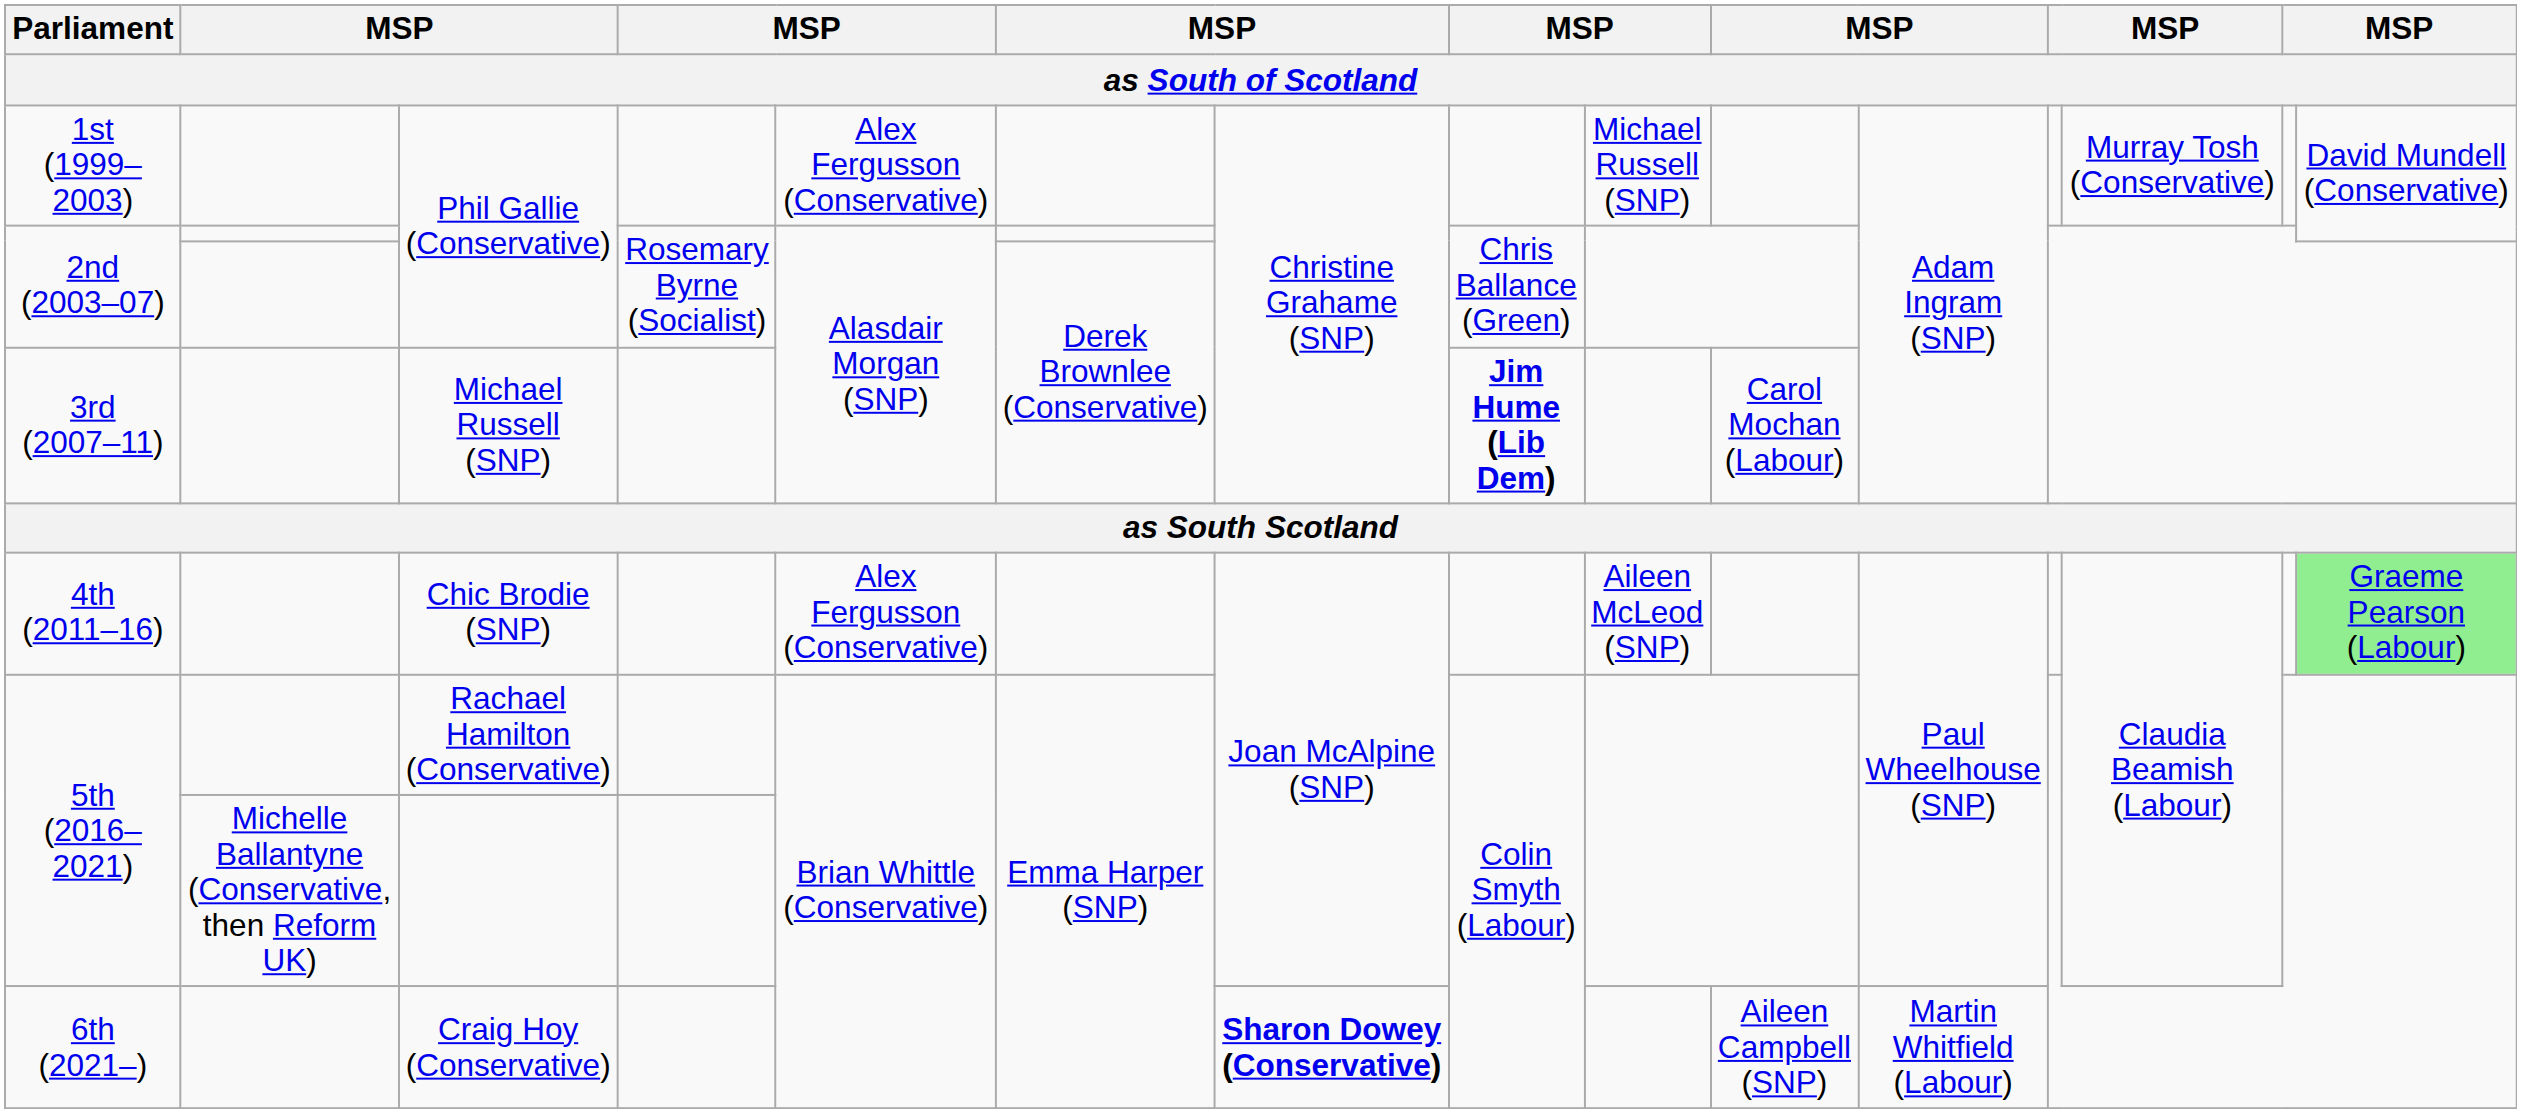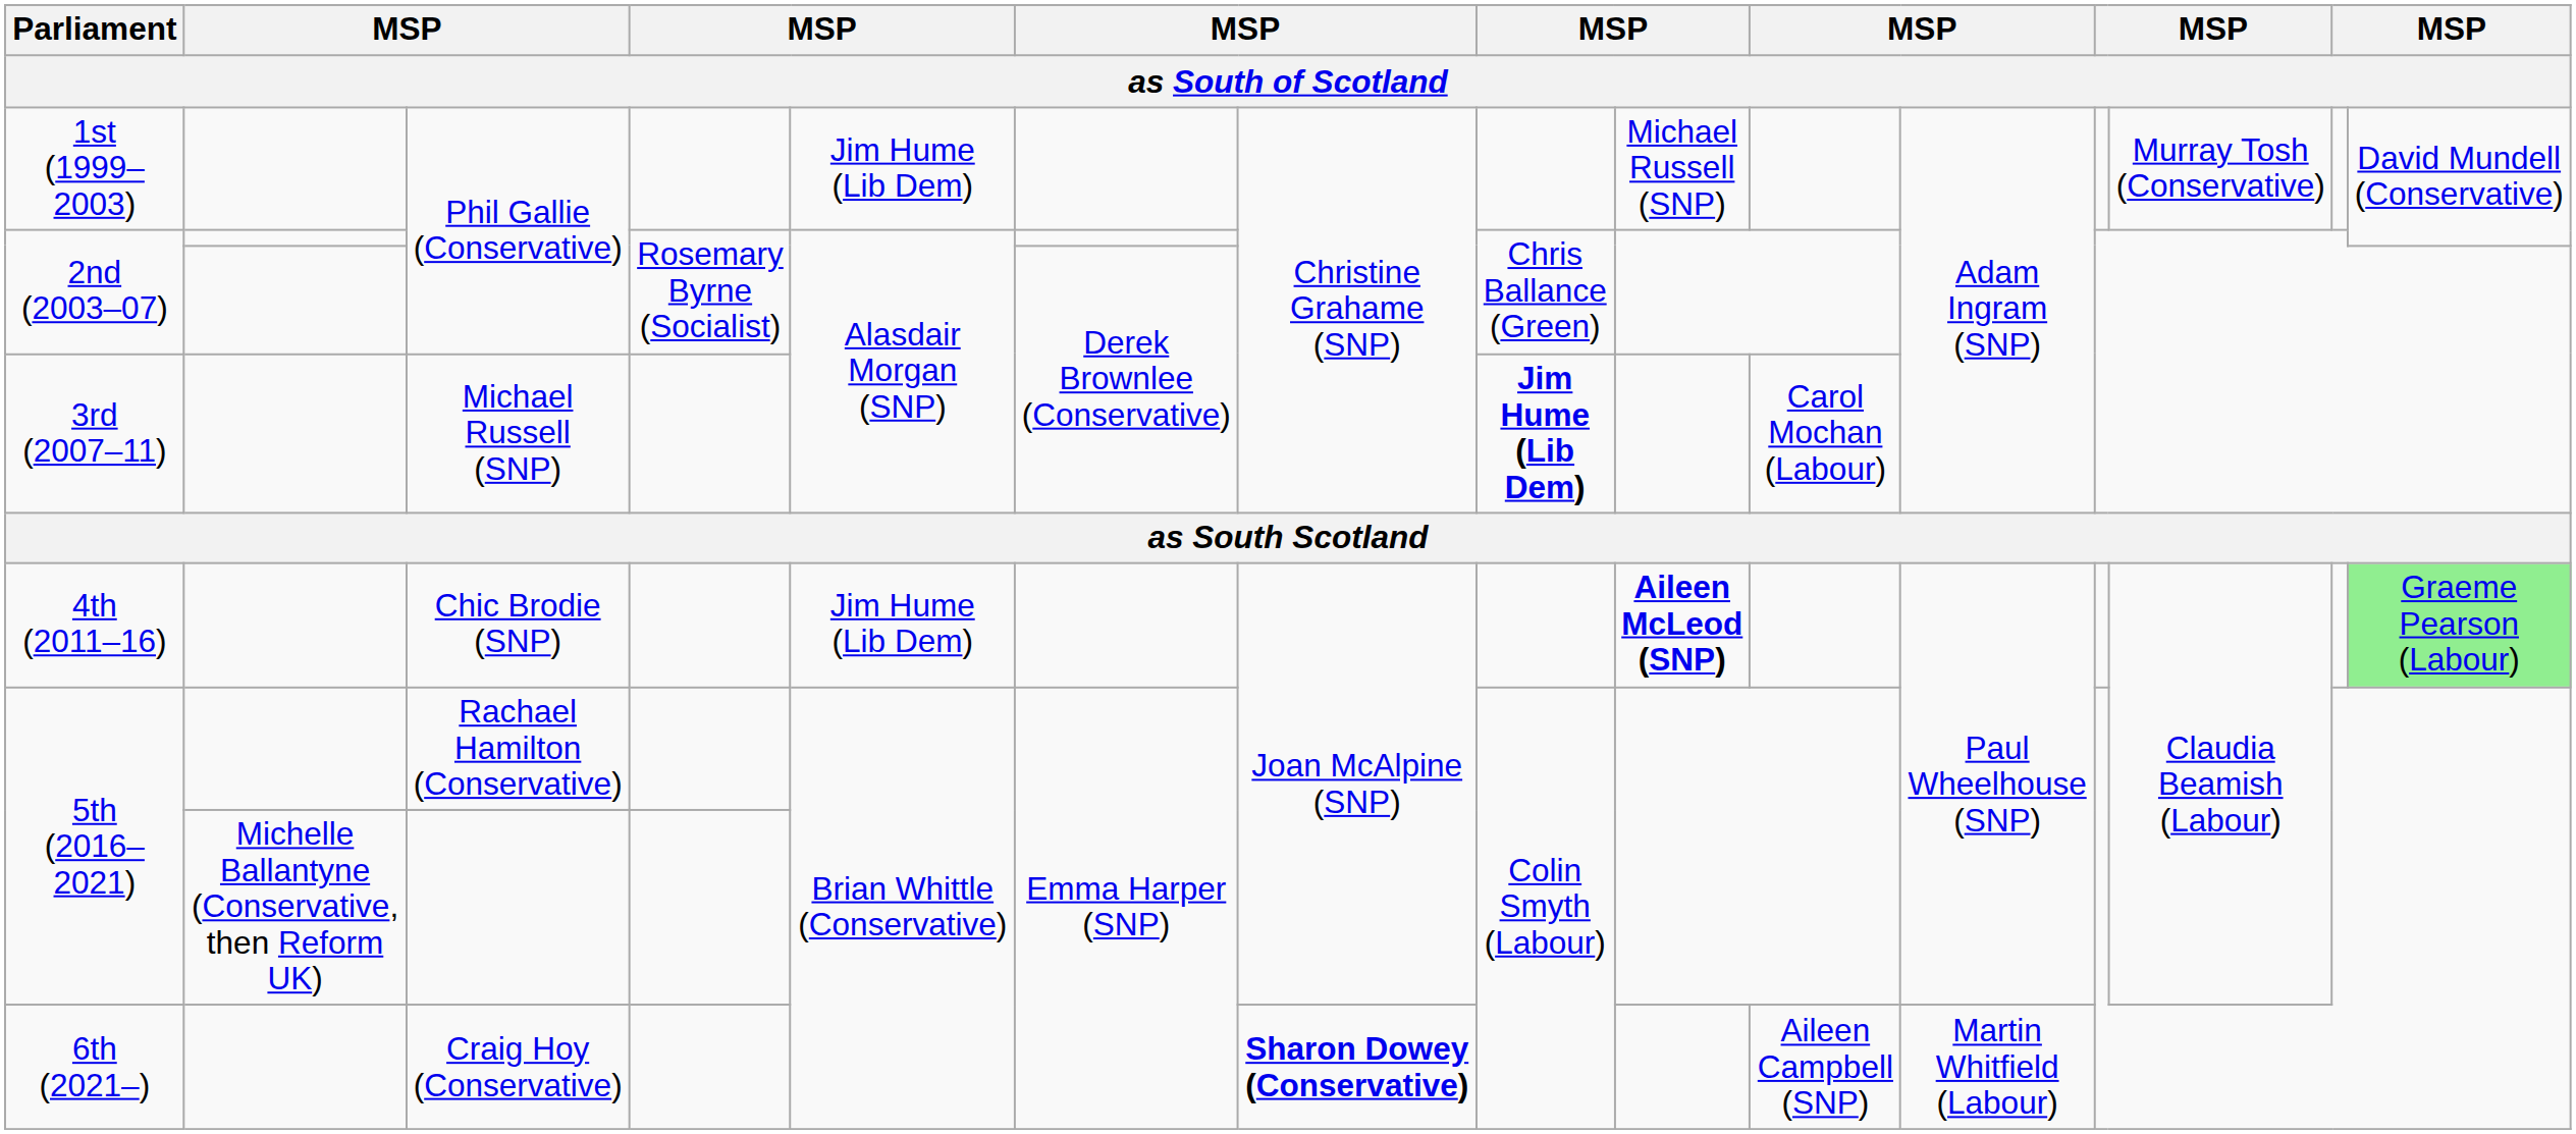 <table class="wikitable" style="text-align:center">
 <tr>
 <th>Parliament</th>
 <th colspan="2">MSP</th>
 <th colspan="2">MSP</th>
 <th colspan="2">MSP</th>
 <th colspan="2">MSP</th>
 <th colspan="2">MSP</th>
 <th colspan="2">MSP</th>
 <th colspan="2">MSP</th>
 </tr>
 <tr>
 <th colspan="15"><em>as <a href='#'>South of Scotland</a></em></th>
 </tr>
 <tr>
 <td><a href='#'>1st</a> <br>(<a href='#'>1999–2003</a>)</td>
 <td></td>
 <td rowspan="3"><a href='#'>Phil Gallie</a><br>(<a href='#'>Conservative</a>)</td>
 <td style="color:inherit;background:"></td>
-<td><a href='#'>Alex Fergusson</a><br>(<a href='#'>Conservative</a>)</td>
+<td><a href='#'>Jim Hume</a><br>(<a href='#'>Lib Dem</a>)</td>
 <td></td>
 <td rowspan="4"><a href='#'>Christine Grahame</a> <br>(<a href='#'>SNP</a>)</td>
 <td></td>
 <td><a href='#'>Michael Russell</a><br>(<a href='#'>SNP</a>)</td>
 <td></td>
 <td rowspan="4"><a href='#'>Adam Ingram</a><br>(<a href='#'>SNP</a>)</td>
 <td style="color:inherit;background:"></td>
 <td><a href='#'>Murray Tosh</a><br>(<a href='#'>Conservative</a>)</td>
 <td></td>
 <td rowspan="2"><a href='#'>David Mundell</a><br>(<a href='#'>Conservative</a>)</td>
 </tr>
 <tr>
 <td rowspan="2"><a href='#'>2nd</a> <br>(<a href='#'>2003–07</a>)</td>
 <td style="color:inherit;background:"></td>
 <td rowspan="2"><a href='#'>Rosemary Byrne</a><br>(<a href='#'>Socialist</a>)</td>
 <td rowspan="3"><a href='#'>Alasdair Morgan</a> <br>(<a href='#'>SNP</a>)</td>
 <td></td>
 <td rowspan="2"><a href='#'>Chris Ballance</a><br>(<a href='#'>Green</a>)</td>
 </tr>
 <tr>
 <td></td>
 <td rowspan="2"><a href='#'>Derek Brownlee</a><br>(<a href='#'>Conservative</a>)</td>
 </tr>
 <tr>
 <td><a href='#'>3rd</a> <br>(<a href='#'>2007–11</a>)</td>
 <td style="color:inherit;background:"></td>
 <td><a href='#'>Michael Russell</a><br>(<a href='#'>SNP</a>)</td>
 <td style="color:inherit;background:"></td>
 <td><strong><a href='#'>Jim Hume</a><br>(<a href='#'>Lib Dem</a>)</strong></td>
 <td style="color:inherit;background:"></td>
 <td><a href='#'>Carol Mochan</a><br>(<a href='#'>Labour</a>)</td>
 </tr>
 <tr>
 <th colspan="15"><em>as South Scotland</em></th>
 </tr>
 <tr>
 <td><a href='#'>4th</a> <br>(<a href='#'>2011–16</a>)</td>
 <td style="color:inherit;background:"></td>
 <td><a href='#'>Chic Brodie</a><br>(<a href='#'>SNP</a>)</td>
 <td style="color:inherit;background:"></td>
-<td><a href='#'>Alex Fergusson</a><br>(<a href='#'>Conservative</a>)</td>
+<td><a href='#'>Jim Hume</a><br>(<a href='#'>Lib Dem</a>)</td>
 <td></td>
 <td rowspan="4"><a href='#'>Joan McAlpine</a><br>(<a href='#'>SNP</a>)</td>
 <td></td>
-<td><a href='#'>Aileen McLeod</a><br>(<a href='#'>SNP</a>)</td>
+<td><strong><a href='#'>Aileen McLeod</a><br>(<a href='#'>SNP</a>)</strong></td>
 <td></td>
 <td rowspan="4"><a href='#'>Paul Wheelhouse</a><br>(<a href='#'>SNP</a>)</td>
 <td></td>
 <td rowspan="4"><a href='#'>Claudia Beamish</a><br>(<a href='#'>Labour</a>)</td>
 <td></td>
 <td style="background: lightgreen;"><a href='#'>Graeme Pearson</a><br>(<a href='#'>Labour</a>)</td>
 </tr>
 <tr>
 <td rowspan="3"><a href='#'>5th</a> <br>(<a href='#'>2016–2021</a>)</td>
 <td></td>
 <td><a href='#'>Rachael Hamilton</a><br>(<a href='#'>Conservative</a>)</td>
 <td></td>
 <td rowspan="4"><a href='#'>Brian Whittle</a><br>(<a href='#'>Conservative</a>)</td>
 <td rowspan="4"><a href='#'>Emma Harper</a><br>(<a href='#'>SNP</a>)</td>
 <td rowspan="4"><a href='#'>Colin Smyth</a><br>(<a href='#'>Labour</a>)</td>
 </tr>
 <tr>
 <td rowspan="2"><a href='#'>Michelle Ballantyne</a><br>(<a href='#'>Conservative</a>,<br>then <a href='#'>Reform UK</a>)</td>
 </tr>
 <tr>
 <td style="color:inherit;background:"></td>
 </tr>
 <tr>
 <td><a href='#'>6th</a> <br>(<a href='#'>2021–</a>)</td>
 <td style="color:inherit;background:"></td>
 <td><a href='#'>Craig Hoy</a><br>(<a href='#'>Conservative</a>)</td>
 <td style="color:inherit;background:"></td>
 <td><strong><a href='#'>Sharon Dowey</a><br>(<a href='#'>Conservative</a>)</strong></td>
 <td style="color:inherit;background:"></td>
 <td><a href='#'>Aileen Campbell</a><br>(<a href='#'>SNP</a>)</td>
 <td><a href='#'>Martin Whitfield</a><br>(<a href='#'>Labour</a>)</td>
 </tr>
 </table>
